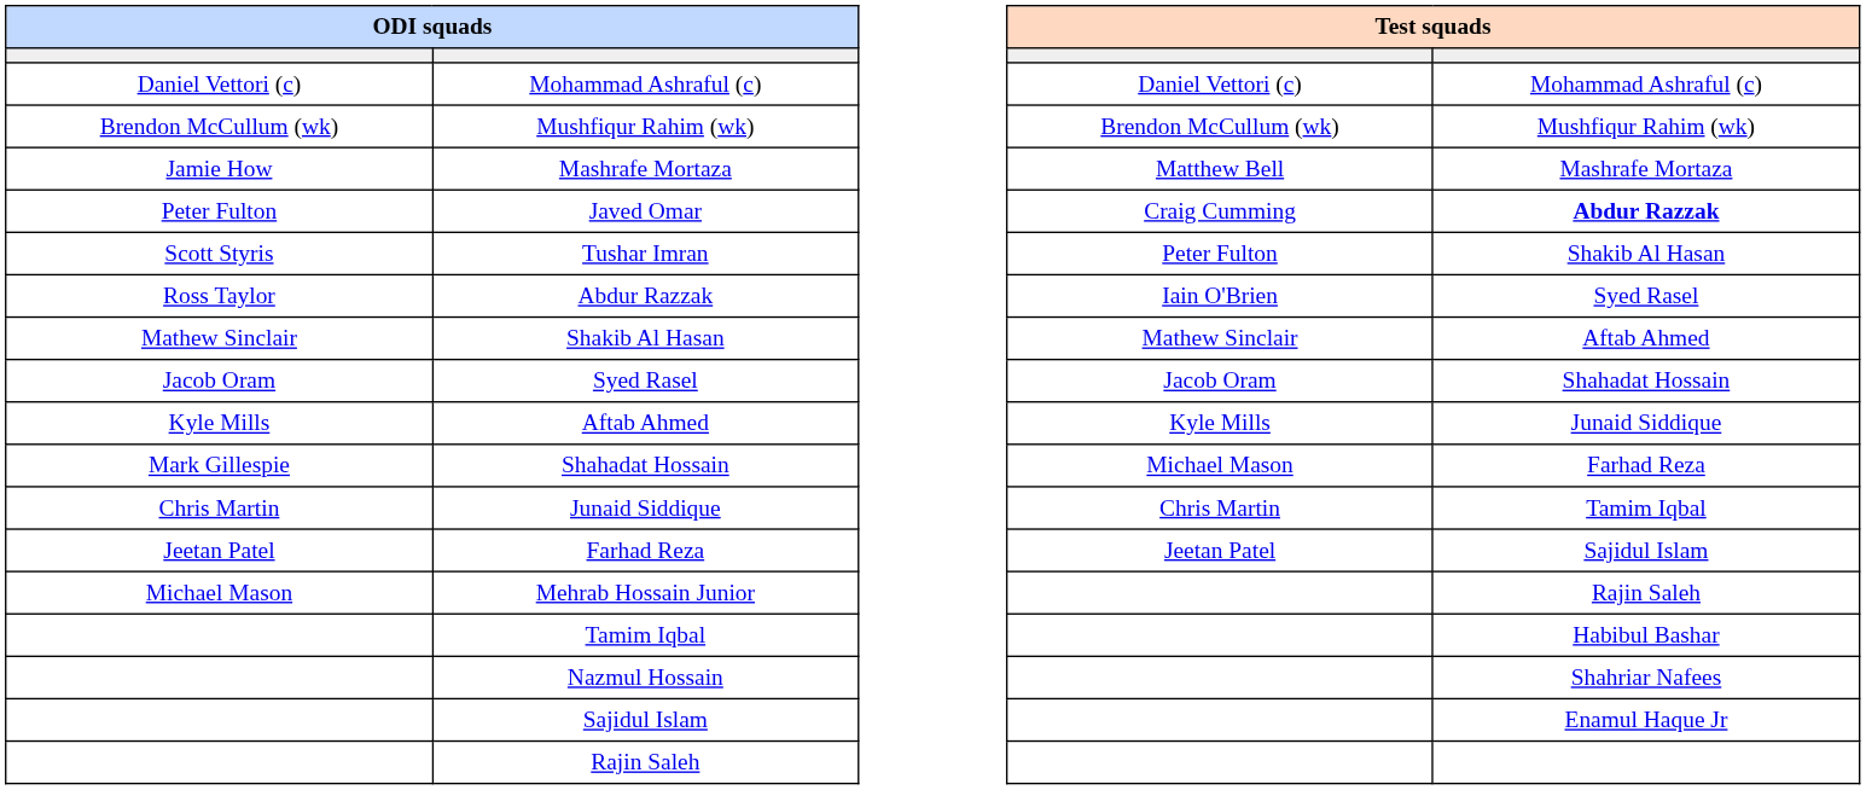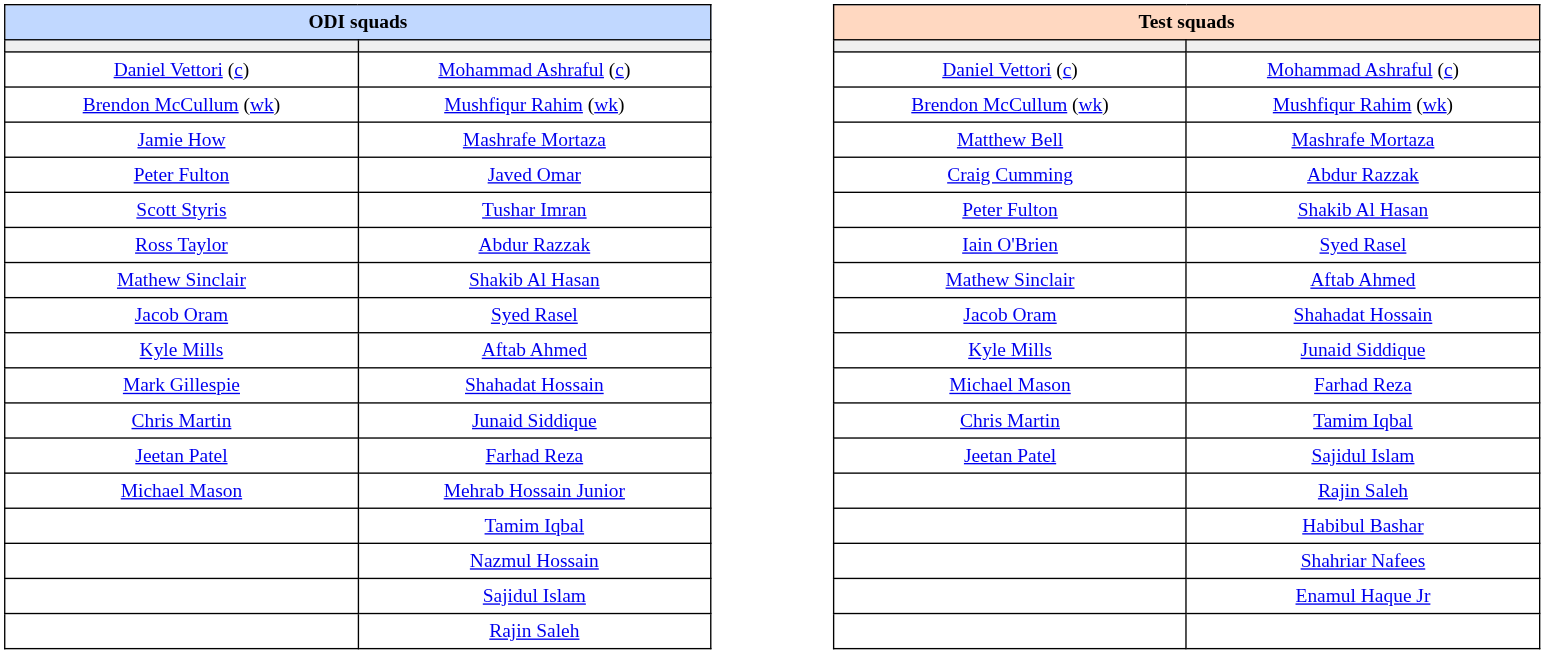 <table name="squads" border="0" cellpadding="4" cellspacing="0" style="text-align:center; font-size:90%; border-collapse:collapse;width:90%;margin:auto;">
 <tr>
 <th style="background:#C1D8FF; border: 1px solid #000000;" colspan=2>ODI squads</th>
 <th rowspan=19></th>
 <th style="background:#FFD8C1; border: 1px solid #000000;" colspan=2>Test squads</th>
 </tr>
 <tr bgcolor="#efefef">
 <th style="border: 1px solid #000000;" width=23%></th>
 <th style="border: 1px solid #000000;" width=23%></th>
 <th style="border: 1px solid #000000;" width=23%></th>
 <th style="border: 1px solid #000000;" width=23%></th>
 </tr>
 <tr>
 <td style="border: 1px solid #000000;"><a href='#'>Daniel Vettori</a> (<a href='#'>c</a>)</td>
 <td style="border: 1px solid #000000;"><a href='#'>Mohammad Ashraful</a> (<a href='#'>c</a>)</td>
 <td style="border: 1px solid #000000;"><a href='#'>Daniel Vettori</a> (<a href='#'>c</a>)</td>
 <td style="border: 1px solid #000000;"><a href='#'>Mohammad Ashraful</a> (<a href='#'>c</a>)</td>
 </tr>
 <tr>
 <td style="border: 1px solid #000000;"><a href='#'>Brendon McCullum</a> (<a href='#'>wk</a>)</td>
 <td style="border: 1px solid #000000;"><a href='#'>Mushfiqur Rahim</a> (<a href='#'>wk</a>)</td>
 <td style="border: 1px solid #000000;"><a href='#'>Brendon McCullum</a> (<a href='#'>wk</a>)</td>
 <td style="border: 1px solid #000000;"><a href='#'>Mushfiqur Rahim</a> (<a href='#'>wk</a>)</td>
 </tr>
 <tr>
 <td style="border: 1px solid #000000;"><a href='#'>Jamie How</a></td>
 <td style="border: 1px solid #000000;"><a href='#'>Mashrafe Mortaza</a></td>
 <td style="border: 1px solid #000000;"><a href='#'>Matthew Bell</a></td>
 <td style="border: 1px solid #000000;"><a href='#'>Mashrafe Mortaza</a></td>
 </tr>
 <tr>
 <td style="border: 1px solid #000000;"><a href='#'>Peter Fulton</a></td>
 <td style="border: 1px solid #000000;"><a href='#'>Javed Omar</a></td>
 <td style="border: 1px solid #000000;"><a href='#'>Craig Cumming</a></td>
-<td style="border: 1px solid #000000;"><strong><a href='#'>Abdur Razzak</a></strong></td>
+<td style="border: 1px solid #000000;"><a href='#'>Abdur Razzak</a></td>
 </tr>
 <tr>
 <td style="border: 1px solid #000000;"><a href='#'>Scott Styris</a></td>
 <td style="border: 1px solid #000000;"><a href='#'>Tushar Imran</a></td>
 <td style="border: 1px solid #000000;"><a href='#'>Peter Fulton</a></td>
 <td style="border: 1px solid #000000;"><a href='#'>Shakib Al Hasan</a></td>
 </tr>
 <tr>
 <td style="border: 1px solid #000000;"><a href='#'>Ross Taylor</a></td>
 <td style="border: 1px solid #000000;"><a href='#'>Abdur Razzak</a></td>
 <td style="border: 1px solid #000000;"><a href='#'>Iain O'Brien</a></td>
 <td style="border: 1px solid #000000;"><a href='#'>Syed Rasel</a></td>
 </tr>
 <tr>
 <td style="border: 1px solid #000000;"><a href='#'>Mathew Sinclair</a></td>
 <td style="border: 1px solid #000000;"><a href='#'>Shakib Al Hasan</a></td>
 <td style="border: 1px solid #000000;"><a href='#'>Mathew Sinclair</a></td>
 <td style="border: 1px solid #000000;"><a href='#'>Aftab Ahmed</a></td>
 </tr>
 <tr>
 <td style="border: 1px solid #000000;"><a href='#'>Jacob Oram</a></td>
 <td style="border: 1px solid #000000;"><a href='#'>Syed Rasel</a></td>
 <td style="border: 1px solid #000000;"><a href='#'>Jacob Oram</a></td>
 <td style="border: 1px solid #000000;"><a href='#'>Shahadat Hossain</a></td>
 </tr>
 <tr>
 <td style="border: 1px solid #000000;"><a href='#'>Kyle Mills</a></td>
 <td style="border: 1px solid #000000;"><a href='#'>Aftab Ahmed</a></td>
 <td style="border: 1px solid #000000;"><a href='#'>Kyle Mills</a></td>
 <td style="border: 1px solid #000000;"><a href='#'>Junaid Siddique</a></td>
 </tr>
 <tr>
 <td style="border: 1px solid #000000;"><a href='#'>Mark Gillespie</a></td>
 <td style="border: 1px solid #000000;"><a href='#'>Shahadat Hossain</a></td>
 <td style="border: 1px solid #000000;"><a href='#'>Michael Mason</a></td>
 <td style="border: 1px solid #000000;"><a href='#'>Farhad Reza</a></td>
 </tr>
 <tr>
 <td style="border: 1px solid #000000;"><a href='#'>Chris Martin</a></td>
 <td style="border: 1px solid #000000;"><a href='#'>Junaid Siddique</a></td>
 <td style="border: 1px solid #000000;"><a href='#'>Chris Martin</a></td>
 <td style="border: 1px solid #000000;"><a href='#'>Tamim Iqbal</a></td>
 </tr>
 <tr>
 <td style="border: 1px solid #000000;"><a href='#'>Jeetan Patel</a></td>
 <td style="border: 1px solid #000000;"><a href='#'>Farhad Reza</a></td>
 <td style="border: 1px solid #000000;"><a href='#'>Jeetan Patel</a></td>
 <td style="border: 1px solid #000000;"><a href='#'>Sajidul Islam</a></td>
 </tr>
 <tr>
 <td style="border: 1px solid #000000;"><a href='#'>Michael Mason</a></td>
 <td style="border: 1px solid #000000;"><a href='#'>Mehrab Hossain Junior</a></td>
 <td style="border: 1px solid #000000;"></td>
 <td style="border: 1px solid #000000;"><a href='#'>Rajin Saleh</a></td>
 </tr>
 <tr>
 <td style="border: 1px solid #000000;"></td>
 <td style="border: 1px solid #000000;"><a href='#'>Tamim Iqbal</a></td>
 <td style="border: 1px solid #000000;"></td>
 <td style="border: 1px solid #000000;"><a href='#'>Habibul Bashar</a></td>
 </tr>
 <tr>
 <td style="border: 1px solid #000000;"></td>
 <td style="border: 1px solid #000000;"><a href='#'>Nazmul Hossain</a></td>
 <td style="border: 1px solid #000000;"></td>
 <td style="border: 1px solid #000000;"><a href='#'>Shahriar Nafees</a></td>
 </tr>
 <tr>
 <td style="border: 1px solid #000000;"></td>
 <td style="border: 1px solid #000000;"><a href='#'>Sajidul Islam</a></td>
 <td style="border: 1px solid #000000;"></td>
 <td style="border: 1px solid #000000;"><a href='#'>Enamul Haque Jr</a></td>
 </tr>
 <tr>
 <td style="border: 1px solid #000000;"></td>
 <td style="border: 1px solid #000000;"><a href='#'>Rajin Saleh</a></td>
 <td style="border: 1px solid #000000;"></td>
 <td style="border: 1px solid #000000;"></td>
 </tr>
 </table>
